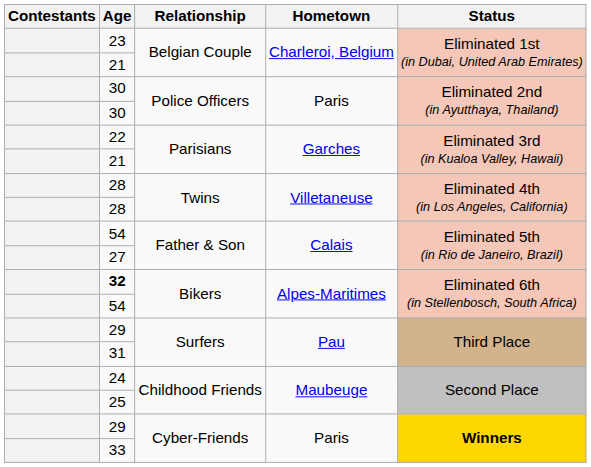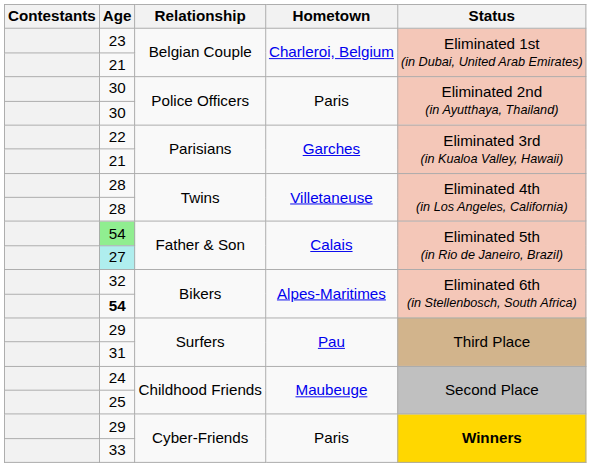 <table class="wikitable sortable" style="text-align:center;">
 <tr>
 <th scope="col">Contestants</th>
 <th scope="col">Age</th>
 <th class="unsortable" scope="col">Relationship</th>
 <th scope="col" class="unsortable">Hometown</th>
 <th scope="col">Status</th>
 </tr>
 <tr>
 <th scope="row"></th>
 <td>23</td>
 <td rowspan="2">Belgian Couple</td>
 <td rowspan="2"><a href='#'>Charleroi, Belgium</a></td>
 <td rowspan="2" bgcolor="f4c7b8">Eliminated 1st<br><small><em>(in Dubai, United Arab Emirates)</em></small></td>
 </tr>
 <tr>
 <th scope="row"></th>
 <td>21</td>
 </tr>
 <tr>
 <th scope="row"></th>
 <td>30</td>
 <td rowspan="2">Police Officers</td>
 <td rowspan="2">Paris</td>
 <td rowspan="2" bgcolor="f4c7b8">Eliminated 2nd<br><small><em>(in Ayutthaya, Thailand)</em></small></td>
 </tr>
 <tr>
 <th scope="row"></th>
 <td>30</td>
 </tr>
 <tr>
 <th scope="row"></th>
 <td>22</td>
 <td rowspan="2">Parisians</td>
 <td rowspan="2"><a href='#'>Garches</a></td>
 <td rowspan="2" bgcolor="f4c7b8">Eliminated 3rd<br><small><em>(in Kualoa Valley, Hawaii)</em></small></td>
 </tr>
 <tr>
 <th scope="row"></th>
 <td>21</td>
 </tr>
 <tr>
 <th scope="row"></th>
 <td>28</td>
 <td rowspan="2">Twins</td>
 <td rowspan="2"><a href='#'>Villetaneuse</a></td>
 <td rowspan="2" bgcolor="f4c7b8">Eliminated 4th<br><small><em>(in Los Angeles, California)</em></small></td>
 </tr>
 <tr>
 <th scope="row"></th>
 <td>28</td>
 </tr>
 <tr>
 <th scope="row"></th>
-<td>54</td>
+<td style="background: lightgreen;">54</td>
 <td rowspan="2">Father & Son</td>
 <td rowspan="2"><a href='#'>Calais</a></td>
 <td rowspan="2" bgcolor="f4c7b8">Eliminated 5th<br><small><em>(in Rio de Janeiro, Brazil)</em></small></td>
 </tr>
 <tr>
 <th scope="row"></th>
-<td>27</td>
+<td style="background: paleturquoise;">27</td>
 </tr>
 <tr>
 <th scope="row"></th>
-<td><strong>32</strong></td>
+<td>32</td>
 <td rowspan="2">Bikers</td>
 <td rowspan="2"><a href='#'>Alpes-Maritimes</a></td>
 <td rowspan="2" bgcolor="f4c7b8">Eliminated 6th<br><small><em>(in Stellenbosch, South Africa)</em></small></td>
 </tr>
 <tr>
 <th scope="row"></th>
-<td>54</td>
+<td><strong>54</strong></td>
 </tr>
 <tr>
 <th scope="row"></th>
 <td>29</td>
 <td rowspan="2">Surfers</td>
 <td rowspan="2"><a href='#'>Pau</a></td>
 <td rowspan="2" bgcolor="tan">Third Place</td>
 </tr>
 <tr>
 <th scope="row"></th>
 <td>31</td>
 </tr>
 <tr>
 <th scope="row"></th>
 <td>24</td>
 <td rowspan="2">Childhood Friends</td>
 <td rowspan="2"><a href='#'>Maubeuge</a></td>
 <td rowspan="2" bgcolor="silver">Second Place</td>
 </tr>
 <tr>
 <th scope="row"></th>
 <td>25</td>
 </tr>
 <tr>
 <th scope="row"></th>
 <td>29</td>
 <td rowspan="2">Cyber-Friends</td>
 <td rowspan="2">Paris</td>
 <td rowspan="2" bgcolor="gold"><strong>Winners</strong></td>
 </tr>
 <tr>
 <th scope="row"></th>
 <td>33</td>
 </tr>
 </table>
